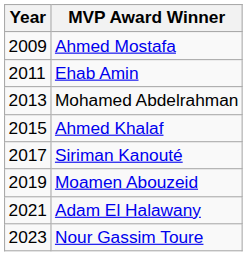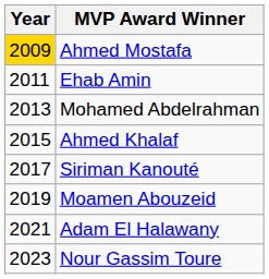 <table class=wikitable>
 <tr>
 <th>Year</th>
 <th>MVP Award Winner</th>
 </tr>
 <tr>
-<td>2009</td>
+<td style="background: gold;">2009</td>
 <td> <a href='#'>Ahmed Mostafa</a></td>
 </tr>
 <tr>
 <td>2011</td>
 <td> <a href='#'>Ehab Amin</a></td>
 </tr>
 <tr>
 <td>2013</td>
 <td> Mohamed Abdelrahman</td>
 </tr>
 <tr>
 <td>2015</td>
 <td> <a href='#'>Ahmed Khalaf</a></td>
 </tr>
 <tr>
 <td>2017</td>
 <td> <a href='#'>Siriman Kanouté</a></td>
 </tr>
 <tr>
 <td>2019</td>
 <td> <a href='#'>Moamen Abouzeid</a></td>
 </tr>
 <tr>
 <td>2021</td>
 <td> <a href='#'>Adam El Halawany</a></td>
 </tr>
 <tr>
 <td>2023</td>
 <td> <a href='#'>Nour Gassim Toure</a></td>
 </tr>
 </table>
